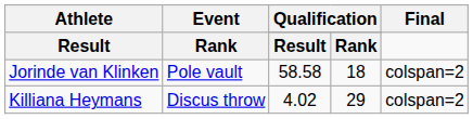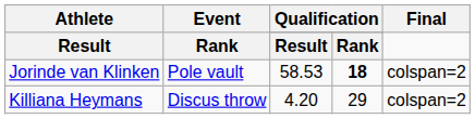 <table class=wikitable style=font-size:90%>
 <tr>
 <th rowspan=2>Athlete</th>
 <th rowspan=2>Event</th>
 <th colspan=2>Qualification</th>
 <th colspan=2>Final</th>
 </tr>
 <tr style=font-size:95%>
 </tr>
 <tr>
 <th>Result</th>
 <th>Rank</th>
 <th>Result</th>
 <th>Rank</th>
 </tr>
 <tr align=center>
 <td align=left><a href='#'>Jorinde van Klinken</a></td>
 <td align=left><a href='#'>Pole vault</a></td>
-<td>58.58</td>
-<td>18</td>
+<td>58.53</td>
+<td><strong>18</strong></td>
 <td>colspan=2 </td>
 </tr>
 <tr align=center>
 <td align=left><a href='#'>Killiana Heymans</a></td>
 <td align=left><a href='#'>Discus throw</a></td>
-<td>4.02</td>
+<td>4.20</td>
 <td>29</td>
 <td>colspan=2 </td>
 </tr>
 </table>
